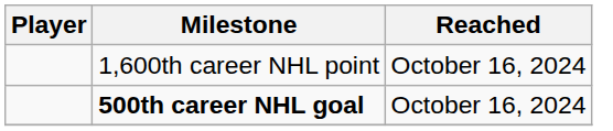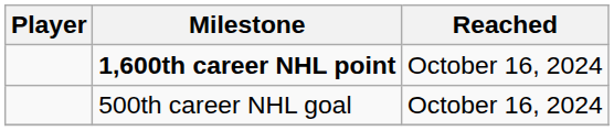 <table class="wikitable sortable">
 <tr>
 <th>Player</th>
 <th>Milestone</th>
 <th data-sort-type="date">Reached</th>
 </tr>
 <tr>
 <td></td>
-<td>1,600th career NHL point</td>
+<td><strong>1,600th career NHL point</strong></td>
 <td>October 16, 2024</td>
 </tr>
 <tr>
 <td></td>
-<td><strong>500th career NHL goal</strong></td>
+<td>500th career NHL goal</td>
 <td>October 16, 2024</td>
 </tr>
 <tr>
 </tr>
 </table>
